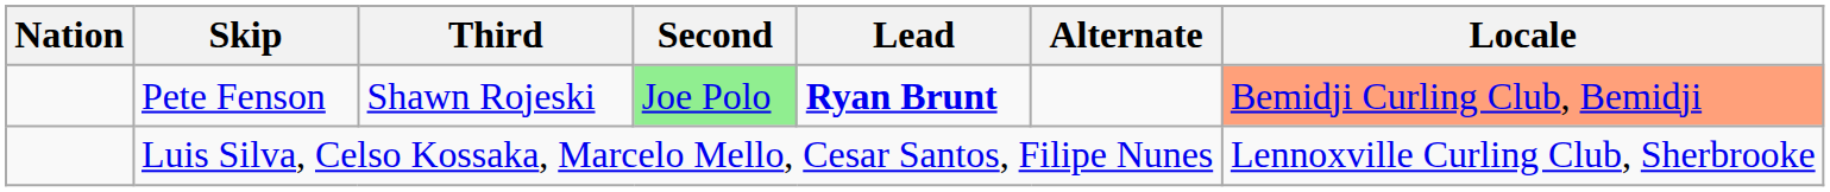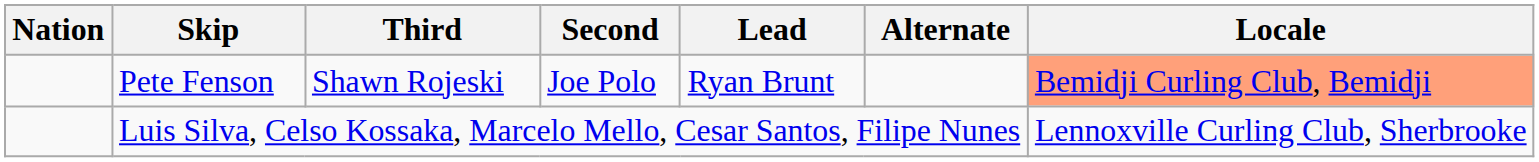 <table class=wikitable>
 <tr>
 <th>Nation</th>
 <th>Skip</th>
 <th>Third</th>
 <th>Second</th>
 <th>Lead</th>
 <th>Alternate</th>
 <th>Locale</th>
 </tr>
 <tr>
 <td></td>
 <td><a href='#'>Pete Fenson</a></td>
 <td><a href='#'>Shawn Rojeski</a></td>
-<td style="background: lightgreen;"><a href='#'>Joe Polo</a></td>
-<td><strong><a href='#'>Ryan Brunt</a></strong></td>
+<td><a href='#'>Joe Polo</a></td>
+<td><a href='#'>Ryan Brunt</a></td>
 <td></td>
 <td style="background: lightsalmon;"><a href='#'>Bemidji Curling Club</a>, <a href='#'>Bemidji</a></td>
 </tr>
 <tr>
 <td></td>
 <td colspan=5><a href='#'>Luis Silva</a>, <a href='#'>Celso Kossaka</a>, <a href='#'>Marcelo Mello</a>, <a href='#'>Cesar Santos</a>, <a href='#'>Filipe Nunes</a></td>
 <td><a href='#'>Lennoxville Curling Club</a>, <a href='#'>Sherbrooke</a></td>
 </tr>
 </table>
